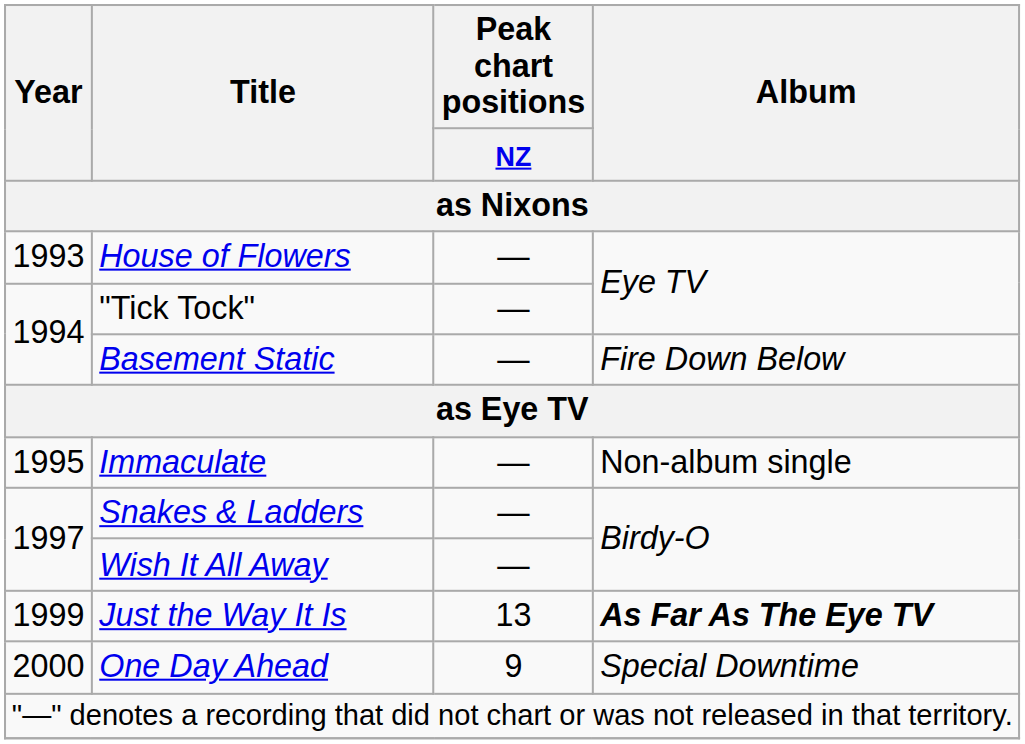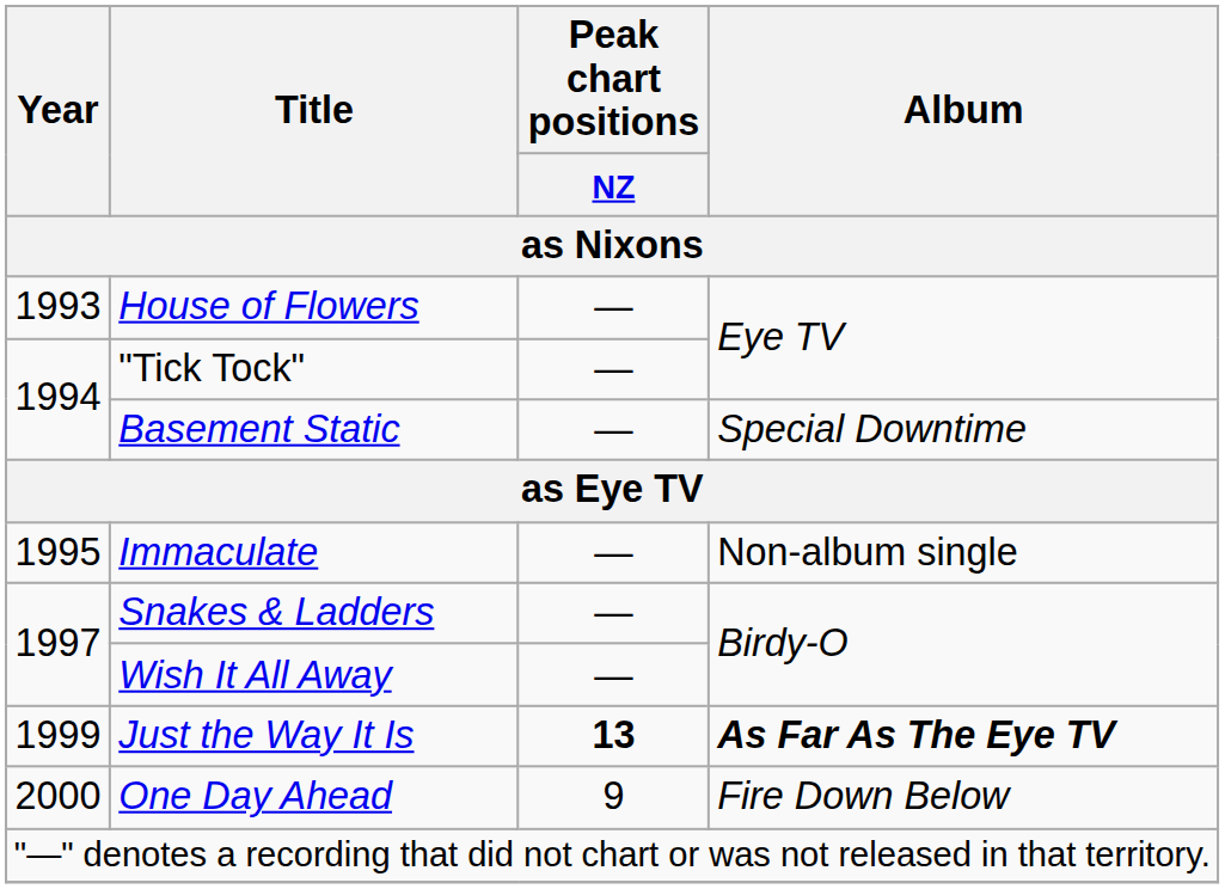 <table class="wikitable plainrowheaders">
 <tr>
 <th rowspan="2"  width="1em">Year</th>
 <th rowspan="2">Title</th>
 <th width="3em">Peak chart positions</th>
 <th rowspan="2">Album</th>
 </tr>
 <tr>
 <th><small><a href='#'>NZ</a></small></th>
 </tr>
 <tr>
 <th colspan="4">as Nixons</th>
 </tr>
 <tr>
 <td>1993</td>
 <td><em><a href='#'>House of Flowers</a></em></td>
 <td align="center">—</td>
 <td rowspan="2"><em>Eye TV</em></td>
 </tr>
 <tr>
 <td rowspan="2">1994</td>
 <td>"Tick Tock"</td>
 <td align="center">—</td>
 </tr>
 <tr>
 <td><em><a href='#'>Basement Static</a></em></td>
 <td align="center">—</td>
-<td><em>Fire Down Below</em></td>
+<td><em>Special Downtime</em></td>
 </tr>
 <tr>
 <th colspan="4">as Eye TV</th>
 </tr>
 <tr>
 <td>1995</td>
 <td><em><a href='#'>Immaculate</a></em></td>
 <td align="center">—</td>
 <td>Non-album single</td>
 </tr>
 <tr>
 <td rowspan="2">1997</td>
 <td><em><a href='#'>Snakes & Ladders</a></em></td>
 <td align="center">—</td>
 <td rowspan="2"><em>Birdy-O</em></td>
 </tr>
 <tr>
 <td><em><a href='#'>Wish It All Away</a></em></td>
 <td align="center">—</td>
 </tr>
 <tr>
 <td>1999</td>
 <td><em><a href='#'>Just the Way It Is</a></em></td>
-<td align="center">13</td>
+<td align="center"><strong>13</strong></td>
 <td><strong><em>As Far As The Eye TV</em></strong></td>
 </tr>
 <tr>
 <td>2000</td>
 <td><em><a href='#'>One Day Ahead</a></em></td>
 <td align="center">9</td>
-<td><em>Special Downtime</em></td>
+<td><em>Fire Down Below</em></td>
 </tr>
 <tr>
 <td colspan="4" style="font-size:90%" align="center">"—" denotes a recording that did not chart or was not released in that territory.</td>
 </tr>
 <tr>
 </tr>
 </table>
